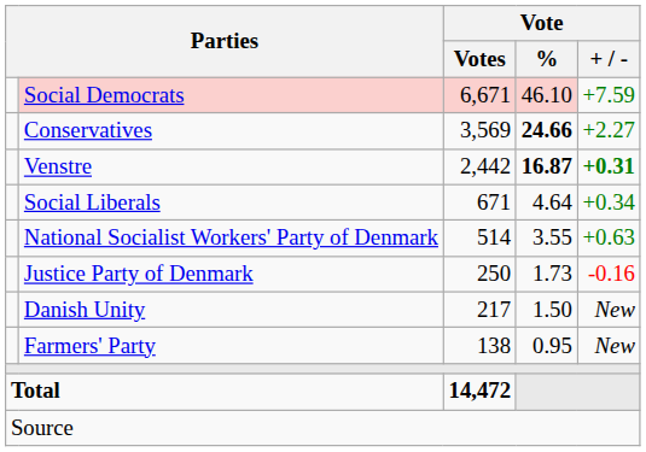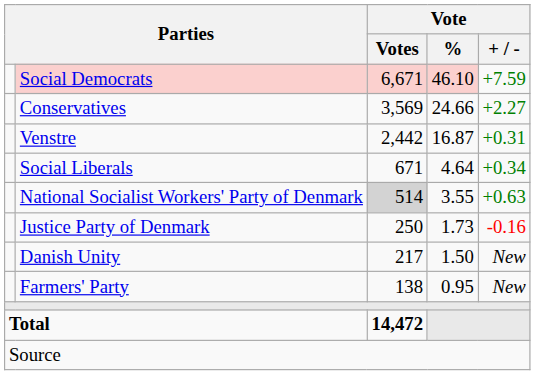 <table class="wikitable" style="text-align:right;">
 <tr>
 <th style="text-align:centre;" rowspan="2" colspan="2" width="225">Parties</th>
 <th colspan="3">Vote</th>
 </tr>
 <tr>
 <th width="15">Votes</th>
 <th width="15">%</th>
 <th width="15">+ / -</th>
 </tr>
 <tr>
 <td width="2" style="color:inherit;background:"></td>
 <td bgcolor=#fbd0ce  align="left"><a href='#'>Social Democrats</a></td>
 <td bgcolor=#fbd0ce>6,671</td>
 <td bgcolor=#fbd0ce>46.10</td>
 <td style=color:green;>+7.59</td>
 </tr>
 <tr>
 <td width="2" style="color:inherit;background:"></td>
 <td align="left"><a href='#'>Conservatives</a></td>
 <td>3,569</td>
-<td><strong>24.66</strong></td>
+<td>24.66</td>
 <td style=color:green;>+2.27</td>
 </tr>
 <tr>
 <td width="2" style="color:inherit;background:"></td>
 <td align="left"><a href='#'>Venstre</a></td>
 <td>2,442</td>
-<td><strong>16.87</strong></td>
-<td style=color:green;><strong>+0.31</strong></td>
+<td>16.87</td>
+<td style=color:green;>+0.31</td>
 </tr>
 <tr>
 <td width="2" style="color:inherit;background:"></td>
 <td align="left"><a href='#'>Social Liberals</a></td>
 <td>671</td>
 <td>4.64</td>
 <td style=color:green;>+0.34</td>
 </tr>
 <tr>
 <td width="2" style="color:inherit;background:"></td>
 <td align="left"><a href='#'>National Socialist Workers' Party of Denmark</a></td>
-<td>514</td>
+<td style="background: lightgrey;">514</td>
 <td>3.55</td>
 <td style=color:green;>+0.63</td>
 </tr>
 <tr>
 <td width="2" style="color:inherit;background:"></td>
 <td align="left"><a href='#'>Justice Party of Denmark</a></td>
 <td>250</td>
 <td>1.73</td>
 <td style=color:red;>-0.16</td>
 </tr>
 <tr>
 <td width="2" style="color:inherit;background:"></td>
 <td align="left"><a href='#'>Danish Unity</a></td>
 <td>217</td>
 <td>1.50</td>
 <td><em>New</em></td>
 </tr>
 <tr>
 <td width="2" style="color:inherit;background:"></td>
 <td align="left"><a href='#'>Farmers' Party</a></td>
 <td>138</td>
 <td>0.95</td>
 <td><em>New</em></td>
 </tr>
 <tr>
 <td colspan="7" bgcolor="#E9E9E9"></td>
 </tr>
 <tr>
 <td align="left" colspan="2"><strong>Total</strong></td>
 <td><strong>14,472</strong></td>
 <td bgcolor="#E9E9E9" colspan="2"></td>
 </tr>
 <tr>
 <td align="left" colspan="6">Source</td>
 </tr>
 </table>
